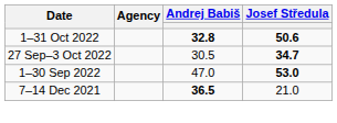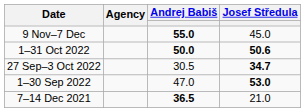 <table class="wikitable" style=text-align:center;font-size:85%;line-height:14px;">
 <tr>
 <th rowspan="2">Date</th>
 <th rowspan="2">Agency</th>
 <th><a href='#'>Andrej Babiš</a></th>
 <th><a href='#'>Josef Středula</a></th>
 </tr>
 <tr>
 <th style="background:"></th>
 <th style="background:"></th>
 </tr>
 <tr>
+<td>9 Nov–7 Dec</td>
+<td></td>
+<td><strong>55.0</strong></td>
+<td>45.0</td>
+</tr>
+<tr>
 <td>1–31 Oct 2022</td>
 <td></td>
-<td><strong>32.8</strong></td>
+<td><strong>50.0</strong></td>
 <td><strong>50.6</strong></td>
 </tr>
 <tr>
 <td>27 Sep–3 Oct 2022</td>
 <td></td>
 <td>30.5</td>
 <td><strong>34.7</strong></td>
 </tr>
 <tr>
 <td>1–30 Sep 2022</td>
 <td></td>
 <td>47.0</td>
 <td><strong>53.0</strong></td>
 </tr>
 <tr>
 <td>7–14 Dec 2021</td>
 <td></td>
 <td><strong>36.5</strong></td>
 <td>21.0</td>
 </tr>
 </table>
